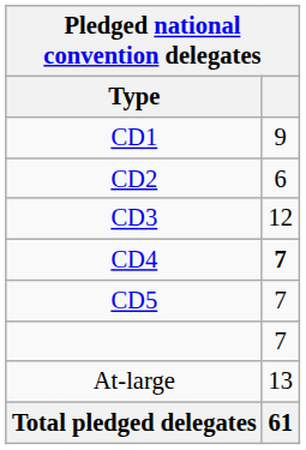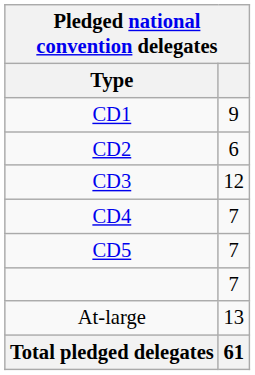 <table class="wikitable sortable" style="font-size:90%;text-align:center;float:right;padding:5px;">
 <tr>
 <th colspan="2">Pledged <a href='#'>national<br>convention</a> delegates</th>
 </tr>
 <tr>
 <th>Type</th>
 <th></th>
 </tr>
 <tr>
 <td><a href='#'>CD1</a></td>
 <td>9</td>
 </tr>
 <tr>
 <td><a href='#'>CD2</a></td>
 <td>6</td>
 </tr>
 <tr>
 <td><a href='#'>CD3</a></td>
 <td>12</td>
 </tr>
 <tr>
 <td><a href='#'>CD4</a></td>
-<td><strong>7</strong></td>
+<td>7</td>
 </tr>
 <tr>
 <td><a href='#'>CD5</a></td>
 <td>7</td>
 </tr>
 <tr>
 <td></td>
 <td>7</td>
 </tr>
 <tr>
 <td>At-large</td>
 <td>13</td>
 </tr>
 <tr>
 <th>Total pledged delegates</th>
 <th>61</th>
 </tr>
 </table>
